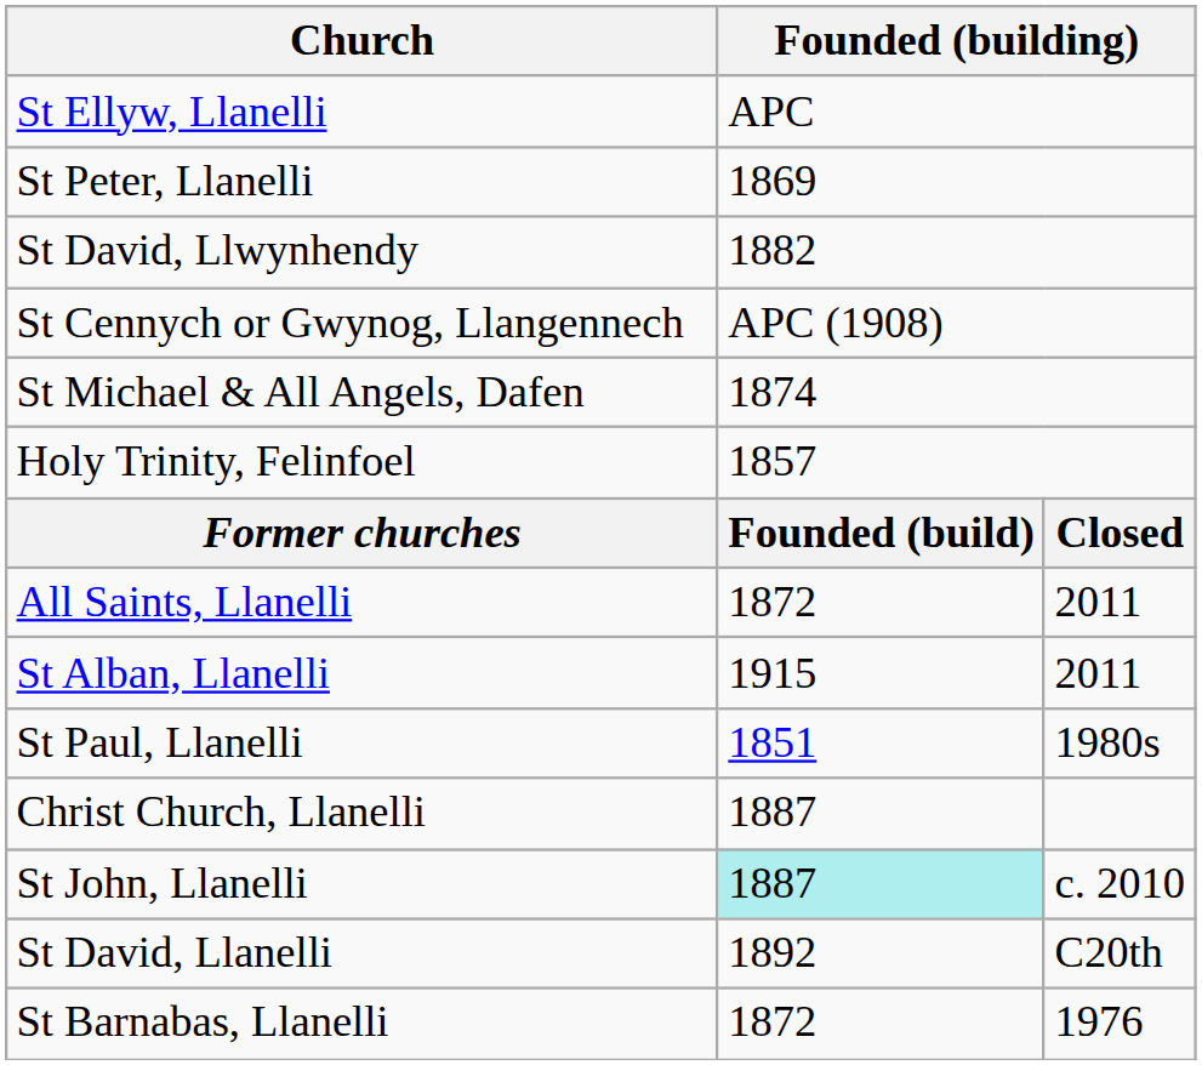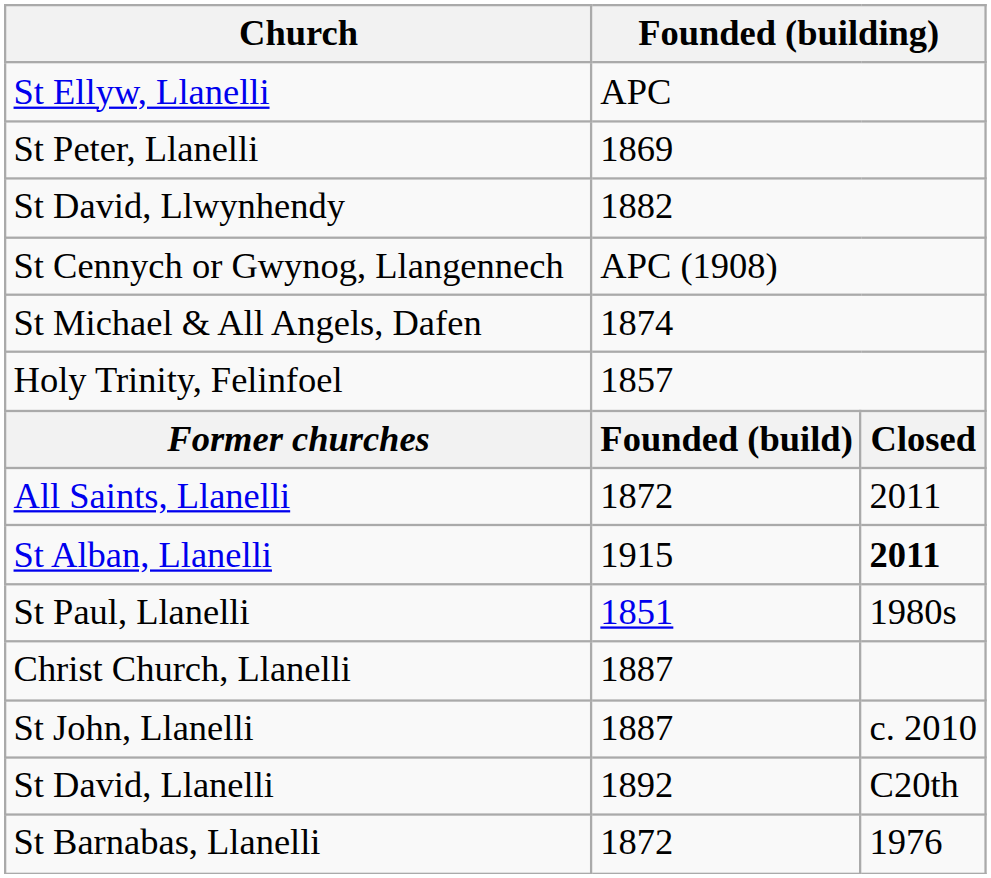 <table class="wikitable">
 <tr>
 <th width="250">Church</th>
 <th colspan="2" width="125">Founded (building)</th>
 </tr>
 <tr>
 <td><a href='#'>St Ellyw, Llanelli</a></td>
 <td colspan="2">APC</td>
 </tr>
 <tr>
 <td>St Peter, Llanelli</td>
 <td colspan="2">1869</td>
 </tr>
 <tr>
 <td>St David, Llwynhendy</td>
 <td colspan="2">1882</td>
 </tr>
 <tr>
 <td>St Cennych or Gwynog, Llangennech</td>
 <td colspan="2">APC (1908)</td>
 </tr>
 <tr>
 <td>St Michael & All Angels, Dafen</td>
 <td colspan="2">1874</td>
 </tr>
 <tr>
 <td>Holy Trinity, Felinfoel</td>
 <td colspan="2">1857</td>
 </tr>
 <tr>
 <th><em>Former churches</em></th>
 <th>Founded (build)</th>
 <th>Closed</th>
 </tr>
 <tr>
 <td><a href='#'>All Saints, Llanelli</a></td>
 <td>1872</td>
 <td>2011</td>
 </tr>
 <tr>
 <td><a href='#'>St Alban, Llanelli</a></td>
 <td>1915</td>
-<td>2011</td>
+<td><strong>2011</strong></td>
 </tr>
 <tr>
 <td>St Paul, Llanelli</td>
 <td><a href='#'>1851</a></td>
 <td>1980s</td>
 </tr>
 <tr>
 <td>Christ Church, Llanelli</td>
 <td>1887</td>
 <td></td>
 </tr>
 <tr>
 <td>St John, Llanelli</td>
-<td style="background: paleturquoise;">1887</td>
+<td>1887</td>
 <td>c. 2010</td>
 </tr>
 <tr>
 <td>St David, Llanelli</td>
 <td>1892</td>
 <td>C20th</td>
 </tr>
 <tr>
 <td>St Barnabas, Llanelli</td>
 <td>1872</td>
 <td>1976</td>
 </tr>
 </table>
